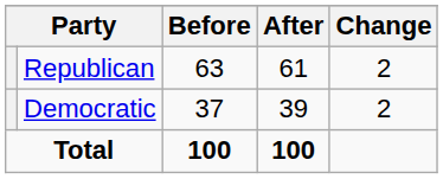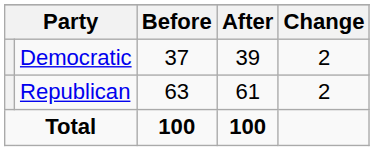 <table class="wikitable" style="text-align:center;">
 <tr>
 </tr>
 <tr>
 <th colspan=2>Party</th>
 <th>Before</th>
 <th>After</th>
 <th>Change</th>
 </tr>
 <tr>
 <th style="background-color:"></th>
-<td style="text-align:left;"><a href='#'>Republican</a></td>
-<td>63</td>
-<td>61</td>
+<td style="text-align:left;"><a href='#'>Democratic</a></td>
+<td>37</td>
+<td>39</td>
 <td> 2</td>
 </tr>
 <tr>
 <th style="background-color:"></th>
-<td style="text-align:left;"><a href='#'>Democratic</a></td>
-<td>37</td>
-<td>39</td>
+<td style="text-align:left;"><a href='#'>Republican</a></td>
+<td>63</td>
+<td>61</td>
 <td> 2</td>
 </tr>
 <tr>
 <td colspan=2><strong>Total</strong></td>
 <td><strong>100</strong></td>
 <td><strong>100</strong></td>
 <td></td>
 </tr>
 </table>
